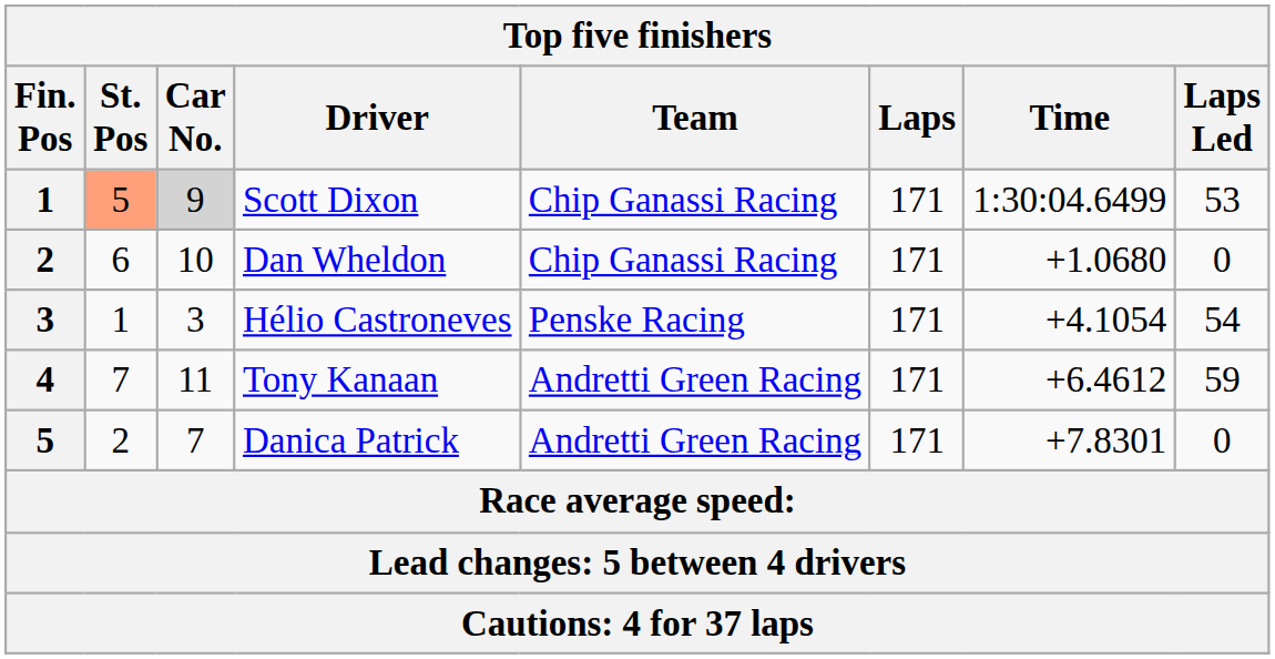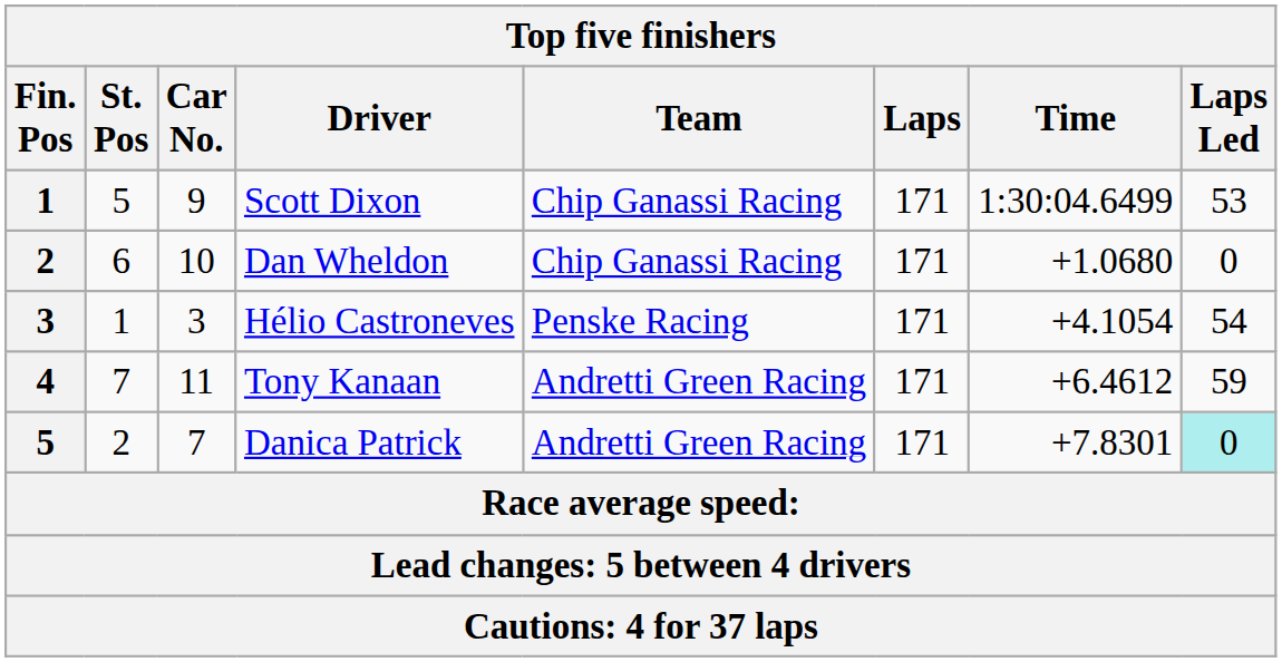 <table class="wikitable" style="font-size:95%;text-align:center">
 <tr>
 <th colspan=9>Top five finishers</th>
 </tr>
 <tr>
 <th>Fin.<br>Pos</th>
 <th>St.<br>Pos</th>
 <th>Car<br>No.</th>
 <th>Driver</th>
 <th>Team</th>
 <th>Laps</th>
 <th>Time</th>
 <th>Laps<br>Led</th>
 </tr>
 <tr>
 <th>1</th>
-<td style="background: lightsalmon;">5</td>
-<td style="background: lightgrey;">9</td>
+<td>5</td>
+<td>9</td>
 <td style="text-align:left"> <a href='#'>Scott Dixon</a></td>
 <td style="text-align:left"><a href='#'>Chip Ganassi Racing</a></td>
 <td>171</td>
 <td align=right>1:30:04.6499</td>
 <td>53</td>
 </tr>
 <tr>
 <th>2</th>
 <td>6</td>
 <td>10</td>
 <td style="text-align:left"> <a href='#'>Dan Wheldon</a></td>
 <td style="text-align:left"><a href='#'>Chip Ganassi Racing</a></td>
 <td>171</td>
 <td align=right>+1.0680</td>
 <td>0</td>
 </tr>
 <tr>
 <th>3</th>
 <td>1</td>
 <td>3</td>
 <td style="text-align:left"> <a href='#'>Hélio Castroneves</a></td>
 <td style="text-align:left"><a href='#'>Penske Racing</a></td>
 <td>171</td>
 <td align=right>+4.1054</td>
 <td>54</td>
 </tr>
 <tr>
 <th>4</th>
 <td>7</td>
 <td>11</td>
 <td style="text-align:left"> <a href='#'>Tony Kanaan</a></td>
 <td style="text-align:left"><a href='#'>Andretti Green Racing</a></td>
 <td>171</td>
 <td align=right>+6.4612</td>
 <td>59</td>
 </tr>
 <tr>
 <th>5</th>
 <td>2</td>
 <td>7</td>
 <td style="text-align:left"> <a href='#'>Danica Patrick</a></td>
 <td style="text-align:left"><a href='#'>Andretti Green Racing</a></td>
 <td>171</td>
 <td align=right>+7.8301</td>
-<td>0</td>
+<td style="background: paleturquoise;">0</td>
 </tr>
 <tr>
 <th colspan=9>Race average speed: </th>
 </tr>
 <tr>
 <th colspan=9>Lead changes: 5 between 4 drivers</th>
 </tr>
 <tr>
 <th colspan=9>Cautions: 4 for 37 laps</th>
 </tr>
 </table>
